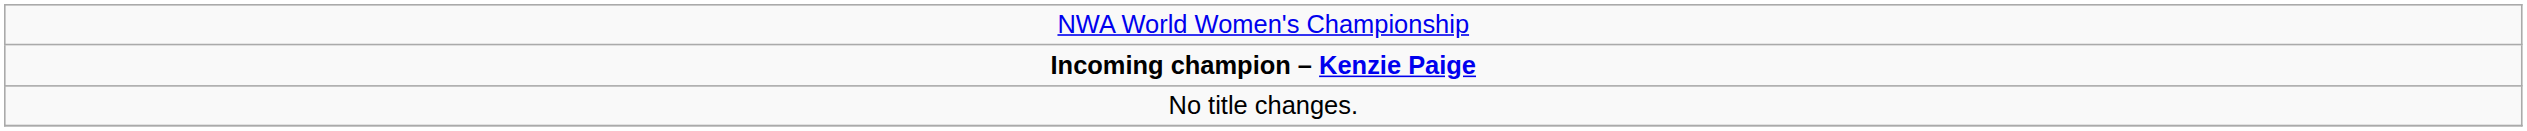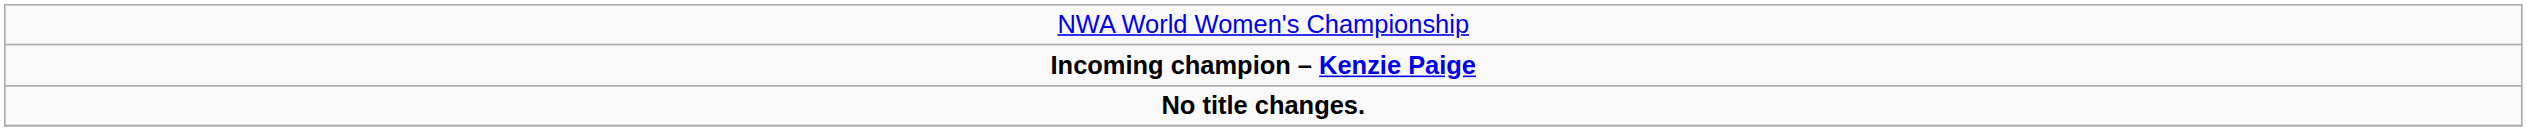 <table class="wikitable" style="text-align:center; width:100%;">
 <tr>
 <td colspan="4" style="text-align: center;"><a href='#'>NWA World Women's Championship</a></td>
 </tr>
 <tr>
 <td colspan="4" style="text-align: center;"><strong>Incoming champion – <a href='#'>Kenzie Paige</a></strong></td>
 </tr>
 <tr>
-<td>No title changes.</td>
+<td><strong>No title changes.</strong></td>
 </tr>
 <tr>
 </tr>
 </table>
